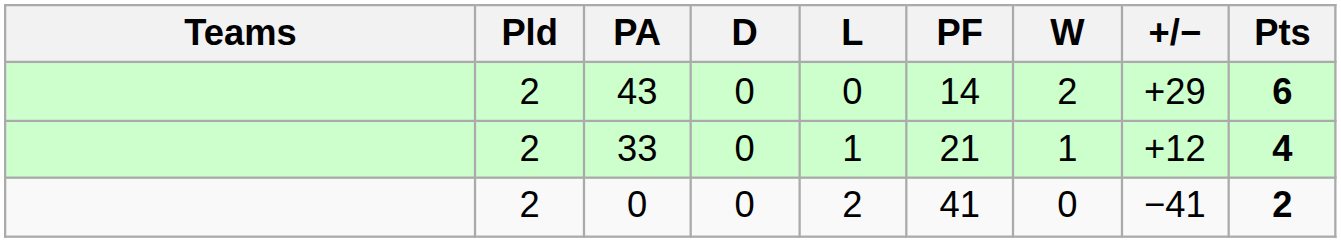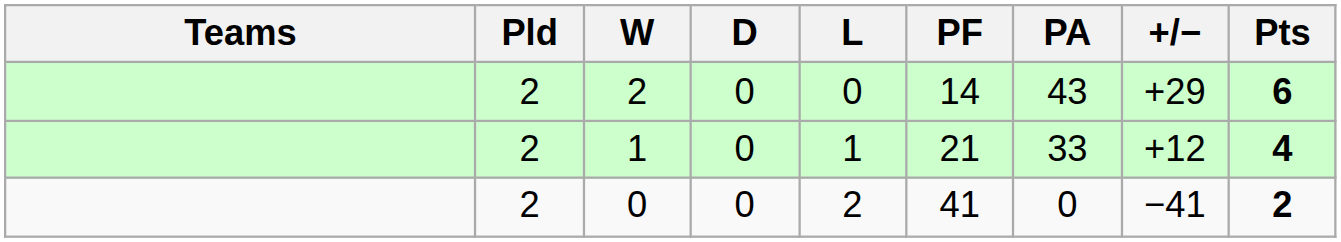 <table class="wikitable" style="text-align: center;">
 <tr>
 <th width="200">Teams</th>
 <th width="40">Pld</th>
-<th width="40">PA</th>
+<th width="40">W</th>
 <th width="40">D</th>
 <th width="40">L</th>
 <th width="40">PF</th>
-<th width="40">W</th>
+<th width="40">PA</th>
 <th width="40">+/−</th>
 <th width="40">Pts</th>
 </tr>
 <tr bgcolor=ccffcc>
 <td align=left></td>
 <td>2</td>
-<td>43</td>
+<td>2</td>
 <td>0</td>
 <td>0</td>
 <td>14</td>
-<td>2</td>
+<td>43</td>
 <td>+29</td>
 <td><strong>6</strong></td>
 </tr>
 <tr bgcolor=ccffcc>
 <td align=left></td>
 <td>2</td>
-<td>33</td>
+<td>1</td>
 <td>0</td>
 <td>1</td>
 <td>21</td>
-<td>1</td>
+<td>33</td>
 <td>+12</td>
 <td><strong>4</strong></td>
 </tr>
 <tr>
 <td align=left></td>
 <td>2</td>
 <td>0</td>
 <td>0</td>
 <td>2</td>
 <td>41</td>
 <td>0</td>
 <td>−41</td>
 <td><strong>2</strong></td>
 </tr>
 </table>
